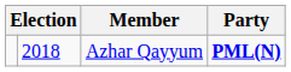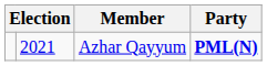 <table class="wikitable">
 <tr>
 <th colspan="2">Election</th>
 <th>Member</th>
 <th>Party</th>
 </tr>
 <tr>
 <td style="background-color: "></td>
-<td><a href='#'>2018</a></td>
+<td><a href='#'>2021</a></td>
 <td><a href='#'>Azhar Qayyum</a></td>
 <td><strong><a href='#'>PML(N)</a></strong></td>
 </tr>
 </table>
